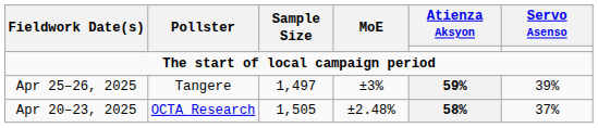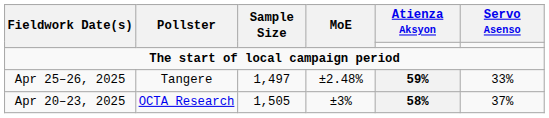 <table class="wikitable" style="text-align:center;font-size:90%;line-height:15px">
 <tr>
 <th rowspan="2">Fieldwork Date(s)</th>
 <th rowspan="2">Pollster</th>
 <th rowspan="2" style="width:60px;">Sample Size</th>
 <th rowspan="2" style="width:60px;">MoE</th>
 <th style="width:75px;"><a href='#'>Atienza</a><br><small><a href='#'>Aksyon</a></small></th>
 <th style="width:75px;"><a href='#'>Servo</a><br><small><a href='#'>Asenso</a></small></th>
 </tr>
 <tr>
 <td style="background:"></td>
 <td style="background:"></td>
 </tr>
 <tr>
 <td colspan="7"><strong>The start of local campaign period</strong></td>
 </tr>
 <tr>
 <td>Apr 25–26, 2025</td>
 <td>Tangere</td>
 <td>1,497</td>
-<td>±3%</td>
+<td>±2.48%</td>
 <th style="background-color:#">59%</th>
-<td>39%</td>
+<td>33%</td>
 </tr>
 <tr>
 <td>Apr 20–23, 2025</td>
 <td><a href='#'>OCTA Research</a></td>
 <td>1,505</td>
-<td>±2.48%</td>
+<td>±3%</td>
 <th style="background-color:#">58%</th>
 <td>37%</td>
 </tr>
 </table>
